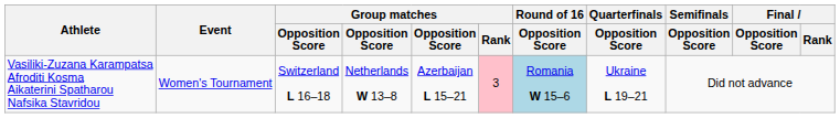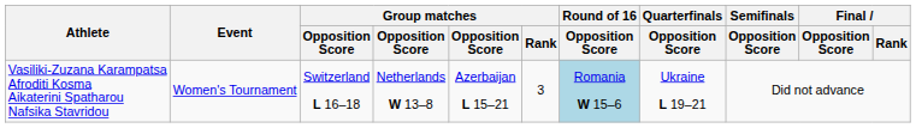 <table class=wikitable style="font-size:90%">
 <tr>
 <th rowspan="2">Athlete</th>
 <th rowspan="2">Event</th>
 <th colspan="4">Group matches</th>
 <th>Round of 16</th>
 <th>Quarterfinals</th>
 <th>Semifinals</th>
 <th colspan=2>Final / </th>
 </tr>
 <tr>
 <th>Opposition<br>Score</th>
 <th>Opposition<br>Score</th>
 <th>Opposition<br>Score</th>
 <th>Rank</th>
 <th>Opposition<br>Score</th>
 <th>Opposition<br>Score</th>
 <th>Opposition<br>Score</th>
 <th>Opposition<br>Score</th>
 <th>Rank</th>
 </tr>
 <tr align=center>
 <td align=left><a href='#'>Vasiliki-Zuzana Karampatsa</a><br><a href='#'>Afroditi Kosma</a><br><a href='#'>Aikaterini Spatharou</a><br><a href='#'>Nafsika Stavridou</a></td>
 <td align=left><a href='#'>Women's Tournament</a></td>
 <td><a href='#'>Switzerland</a><br><br><strong>L</strong> 16–18</td>
 <td><a href='#'>Netherlands</a><br><br><strong>W</strong> 13–8</td>
 <td><a href='#'>Azerbaijan</a><br><br><strong>L</strong> 15–21</td>
-<td style="background: pink;">3</td>
+<td>3</td>
 <td style="background: lightblue;"><a href='#'>Romania</a><br><br><strong>W</strong> 15–6</td>
 <td><a href='#'>Ukraine</a><br><br><strong>L</strong> 19–21</td>
 <td colspan=3>Did not advance</td>
 </tr>
 </table>
